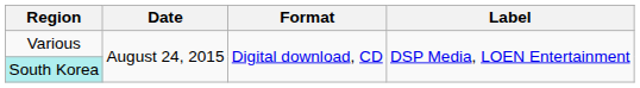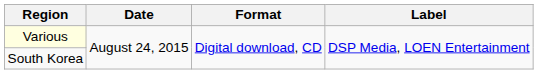 <table class="wikitable">
 <tr>
 <th style="text-align:center;">Region</th>
 <th style="text-align:center;">Date</th>
 <th style="text-align:center;">Format</th>
 <th style="text-align:center;">Label</th>
 </tr>
 <tr>
-<td style="text-align:center;">Various</td>
+<td style="background: lightyellow; text-align:center;">Various</td>
 <td style="text-align:center;" rowspan=2>August 24, 2015</td>
 <td rowspan=2><a href='#'>Digital download</a>, <a href='#'>CD</a></td>
 <td rowspan=2><a href='#'>DSP Media</a>, <a href='#'>LOEN Entertainment</a></td>
 </tr>
 <tr>
-<td style="background: paleturquoise; text-align:center;">South Korea</td>
+<td style="text-align:center;">South Korea</td>
 </tr>
 </table>
